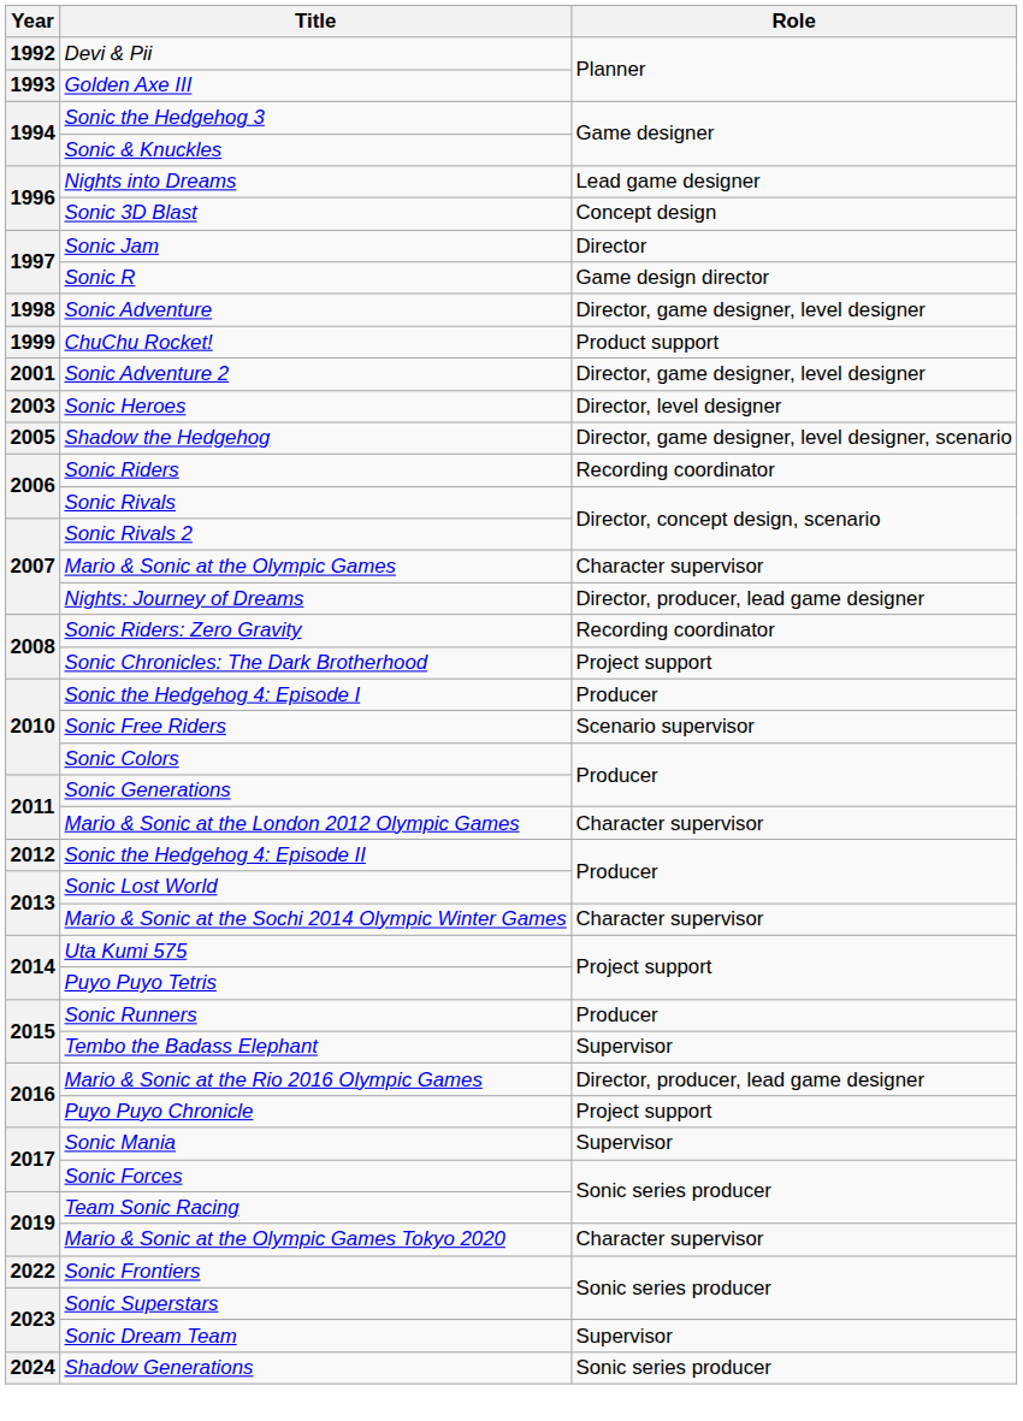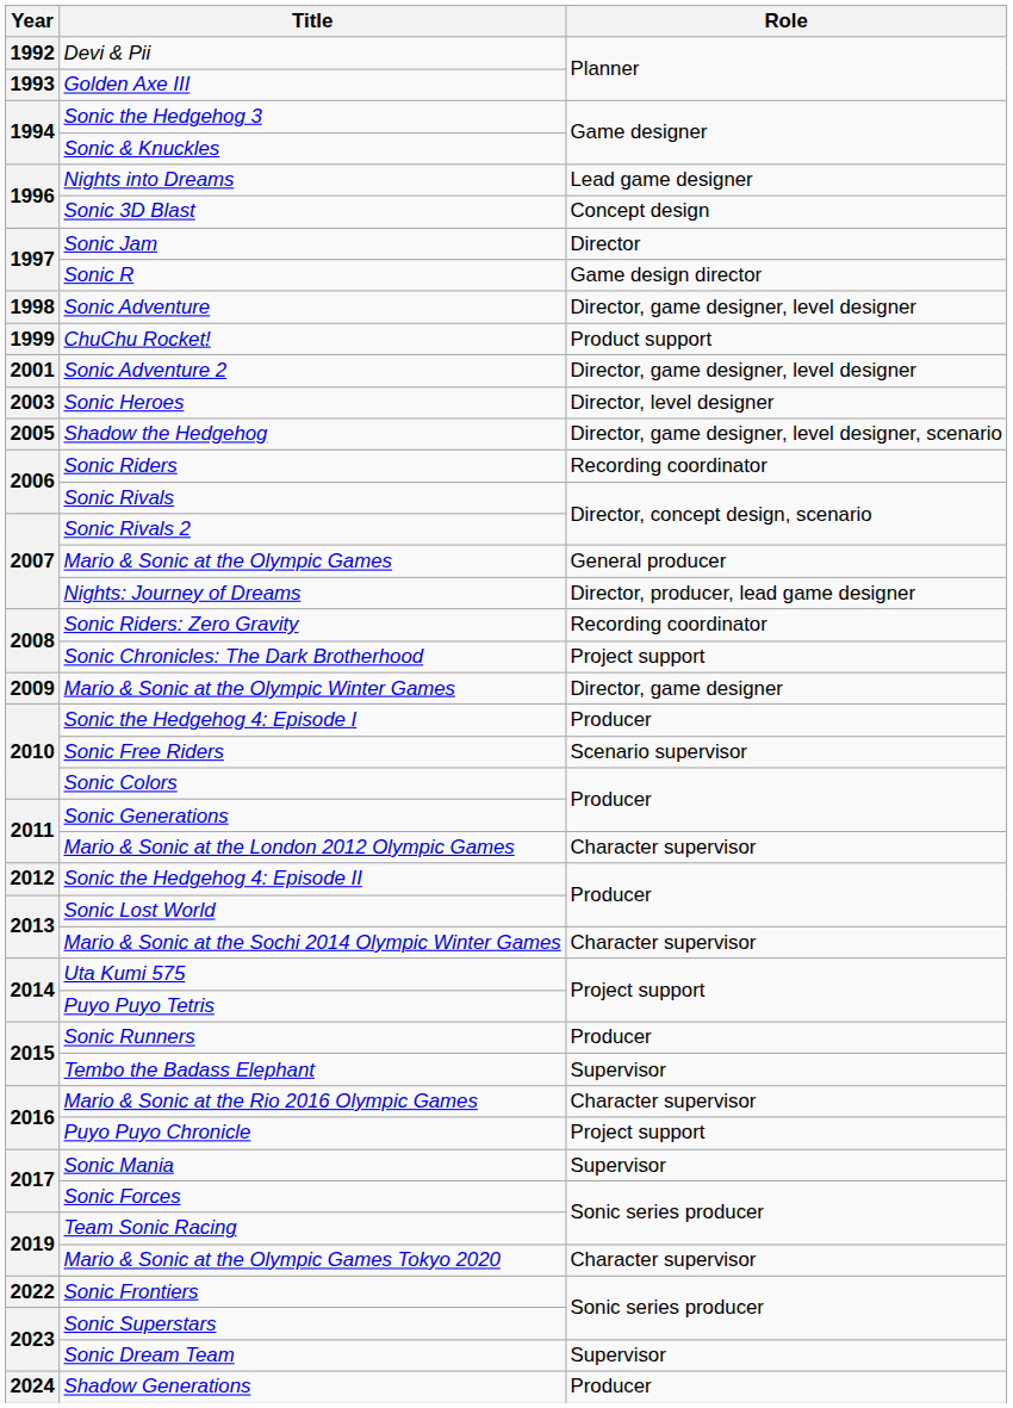 <table class="wikitable sortable">
 <tr>
 <th scope="col">Year</th>
 <th scope="col">Title</th>
 <th scope="col">Role</th>
 </tr>
 <tr>
 <th scope="row">1992</th>
 <td><em>Devi & Pii</em></td>
 <td rowspan="2">Planner</td>
 </tr>
 <tr>
 <th scope="row">1993</th>
 <td><em><a href='#'>Golden Axe III</a></em></td>
 </tr>
 <tr>
 <th scope="row" rowspan="2">1994</th>
 <td><em><a href='#'>Sonic the Hedgehog 3</a></em></td>
 <td rowspan="2">Game designer</td>
 </tr>
 <tr>
 <td><em><a href='#'>Sonic & Knuckles</a></em></td>
 </tr>
 <tr>
 <th scope="row" rowspan="2">1996</th>
 <td><em><a href='#'>Nights into Dreams</a></em></td>
 <td>Lead game designer</td>
 </tr>
 <tr>
 <td><em><a href='#'>Sonic 3D Blast</a></em></td>
 <td>Concept design</td>
 </tr>
 <tr>
 <th scope="row" rowspan="2">1997</th>
 <td><em><a href='#'>Sonic Jam</a></em></td>
 <td>Director</td>
 </tr>
 <tr>
 <td><em><a href='#'>Sonic R</a></em></td>
 <td>Game design director</td>
 </tr>
 <tr>
 <th scope="row">1998</th>
 <td><em><a href='#'>Sonic Adventure</a></em></td>
 <td>Director, game designer, level designer</td>
 </tr>
 <tr>
 <th scope="row">1999</th>
 <td><em><a href='#'>ChuChu Rocket!</a></em></td>
 <td>Product support</td>
 </tr>
 <tr>
 <th scope="row">2001</th>
 <td><em><a href='#'>Sonic Adventure 2</a></em></td>
 <td>Director, game designer, level designer</td>
 </tr>
 <tr>
 <th scope="row">2003</th>
 <td><em><a href='#'>Sonic Heroes</a></em></td>
 <td>Director, level designer</td>
 </tr>
 <tr>
 <th scope="row">2005</th>
 <td><em><a href='#'>Shadow the Hedgehog</a></em></td>
 <td>Director, game designer, level designer, scenario</td>
 </tr>
 <tr>
 <th scope="row" rowspan="2">2006</th>
 <td><em><a href='#'>Sonic Riders</a></em></td>
 <td>Recording coordinator</td>
 </tr>
 <tr>
 <td><em><a href='#'>Sonic Rivals</a></em></td>
 <td rowspan="2">Director, concept design, scenario</td>
 </tr>
 <tr>
 <th scope="row" rowspan="3">2007</th>
 <td><em><a href='#'>Sonic Rivals 2</a></em></td>
 </tr>
 <tr>
 <td><em><a href='#'>Mario & Sonic at the Olympic Games</a></em></td>
-<td>Character supervisor</td>
+<td>General producer</td>
 </tr>
 <tr>
 <td><em><a href='#'>Nights: Journey of Dreams</a></em></td>
 <td>Director, producer, lead game designer</td>
 </tr>
 <tr>
 <th scope="row" rowspan="2">2008</th>
 <td><em><a href='#'>Sonic Riders: Zero Gravity</a></em></td>
 <td>Recording coordinator</td>
 </tr>
 <tr>
 <td><em><a href='#'>Sonic Chronicles: The Dark Brotherhood</a></em></td>
 <td>Project support</td>
+</tr>
+<tr>
+<th scope="row">2009</th>
+<td><em><a href='#'>Mario & Sonic at the Olympic Winter Games</a></em></td>
+<td>Director, game designer</td>
 </tr>
 <tr>
 <th scope="row" rowspan="3">2010</th>
 <td><em><a href='#'>Sonic the Hedgehog 4: Episode I</a></em></td>
 <td>Producer</td>
 </tr>
 <tr>
 <td><em><a href='#'>Sonic Free Riders</a></em></td>
 <td>Scenario supervisor</td>
 </tr>
 <tr>
 <td><em><a href='#'>Sonic Colors</a></em></td>
 <td rowspan="2">Producer</td>
 </tr>
 <tr>
 <th scope="row" rowspan="2">2011</th>
 <td><em><a href='#'>Sonic Generations</a></em></td>
 </tr>
 <tr>
 <td><em><a href='#'>Mario & Sonic at the London 2012 Olympic Games</a></em></td>
 <td>Character supervisor</td>
 </tr>
 <tr>
 <th scope="row">2012</th>
 <td><em><a href='#'>Sonic the Hedgehog 4: Episode II</a></em></td>
 <td rowspan="2">Producer</td>
 </tr>
 <tr>
 <th scope="row" rowspan="2">2013</th>
 <td><em><a href='#'>Sonic Lost World</a></em></td>
 </tr>
 <tr>
 <td><em><a href='#'>Mario & Sonic at the Sochi 2014 Olympic Winter Games</a></em></td>
 <td>Character supervisor</td>
 </tr>
 <tr>
 <th scope="row" rowspan="2">2014</th>
 <td><em><a href='#'>Uta Kumi 575</a></em></td>
 <td rowspan="2">Project support</td>
 </tr>
 <tr>
 <td><em><a href='#'>Puyo Puyo Tetris</a></em></td>
 </tr>
 <tr>
 <th scope="row" rowspan="2'">2015</th>
 <td><em><a href='#'>Sonic Runners</a></em></td>
 <td>Producer</td>
 </tr>
 <tr>
 <td><em><a href='#'>Tembo the Badass Elephant</a></em></td>
 <td>Supervisor</td>
 </tr>
 <tr>
 <th scope="row" rowspan="2">2016</th>
 <td><em><a href='#'>Mario & Sonic at the Rio 2016 Olympic Games</a></em></td>
-<td>Director, producer, lead game designer</td>
+<td>Character supervisor</td>
 </tr>
 <tr>
 <td><em><a href='#'>Puyo Puyo Chronicle</a></em></td>
 <td>Project support</td>
 </tr>
 <tr>
 <th scope="row" rowspan="2">2017</th>
 <td><em><a href='#'>Sonic Mania</a></em></td>
 <td>Supervisor</td>
 </tr>
 <tr>
 <td><em><a href='#'>Sonic Forces</a></em></td>
 <td rowspan="2">Sonic series producer</td>
 </tr>
 <tr>
 <th scope="row" rowspan="2">2019</th>
 <td><em><a href='#'>Team Sonic Racing</a></em></td>
 </tr>
 <tr>
 <td><em><a href='#'>Mario & Sonic at the Olympic Games Tokyo 2020</a></em></td>
 <td>Character supervisor</td>
 </tr>
 <tr>
 <th scope="row">2022</th>
 <td><em><a href='#'>Sonic Frontiers</a></em></td>
 <td rowspan="2">Sonic series producer</td>
 </tr>
 <tr>
 <th scope="row" rowspan="2">2023</th>
 <td><em><a href='#'>Sonic Superstars</a></em></td>
 </tr>
 <tr>
 <td><em><a href='#'>Sonic Dream Team</a></em></td>
 <td>Supervisor</td>
 </tr>
 <tr>
 <th scope="row">2024</th>
 <td><em><a href='#'>Shadow Generations</a></em></td>
-<td>Sonic series producer</td>
+<td>Producer</td>
 </tr>
 </table>
